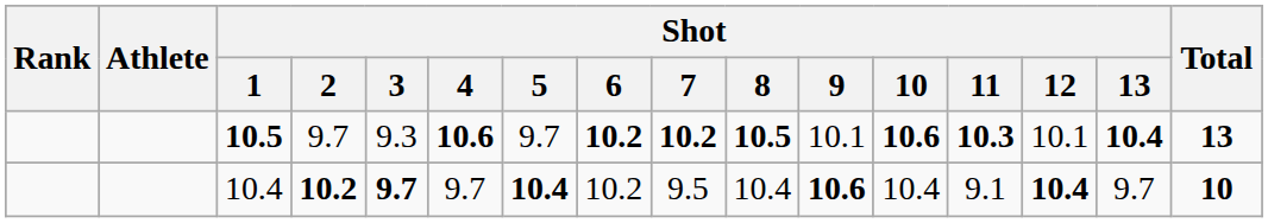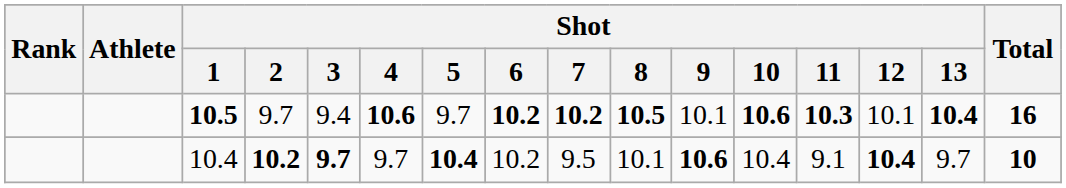 <table class="wikitable" style="text-align:center">
 <tr>
 <th rowspan=2>Rank</th>
 <th rowspan=2>Athlete</th>
 <th colspan="13">Shot</th>
 <th rowspan=2 width=40>Total</th>
 </tr>
 <tr>
 <th width=30>1</th>
 <th width=30>2</th>
 <th width=30>3</th>
 <th width=30>4</th>
 <th width=30>5</th>
 <th width=30>6</th>
 <th width=30>7</th>
 <th width=30>8</th>
 <th width=30>9</th>
 <th width=30>10</th>
 <th width=30>11</th>
 <th width=30>12</th>
 <th width=30>13</th>
 </tr>
 <tr>
 <td></td>
 <td align=left></td>
 <td><strong>10.5</strong></td>
 <td>9.7</td>
-<td>9.3</td>
+<td>9.4</td>
 <td><strong>10.6</strong></td>
 <td>9.7</td>
 <td><strong>10.2</strong></td>
 <td><strong>10.2</strong></td>
 <td><strong>10.5</strong></td>
 <td>10.1</td>
 <td><strong>10.6</strong></td>
 <td><strong>10.3</strong></td>
 <td>10.1</td>
 <td><strong>10.4</strong></td>
-<td><strong>13</strong></td>
+<td><strong>16</strong></td>
 </tr>
 <tr>
 <td></td>
 <td align=left></td>
 <td>10.4</td>
 <td><strong>10.2</strong></td>
 <td><strong>9.7</strong></td>
 <td>9.7</td>
 <td><strong>10.4</strong></td>
 <td>10.2</td>
 <td>9.5</td>
-<td>10.4</td>
+<td>10.1</td>
 <td><strong>10.6</strong></td>
 <td>10.4</td>
 <td>9.1</td>
 <td><strong>10.4</strong></td>
 <td>9.7</td>
 <td><strong>10</strong></td>
 </tr>
 </table>
